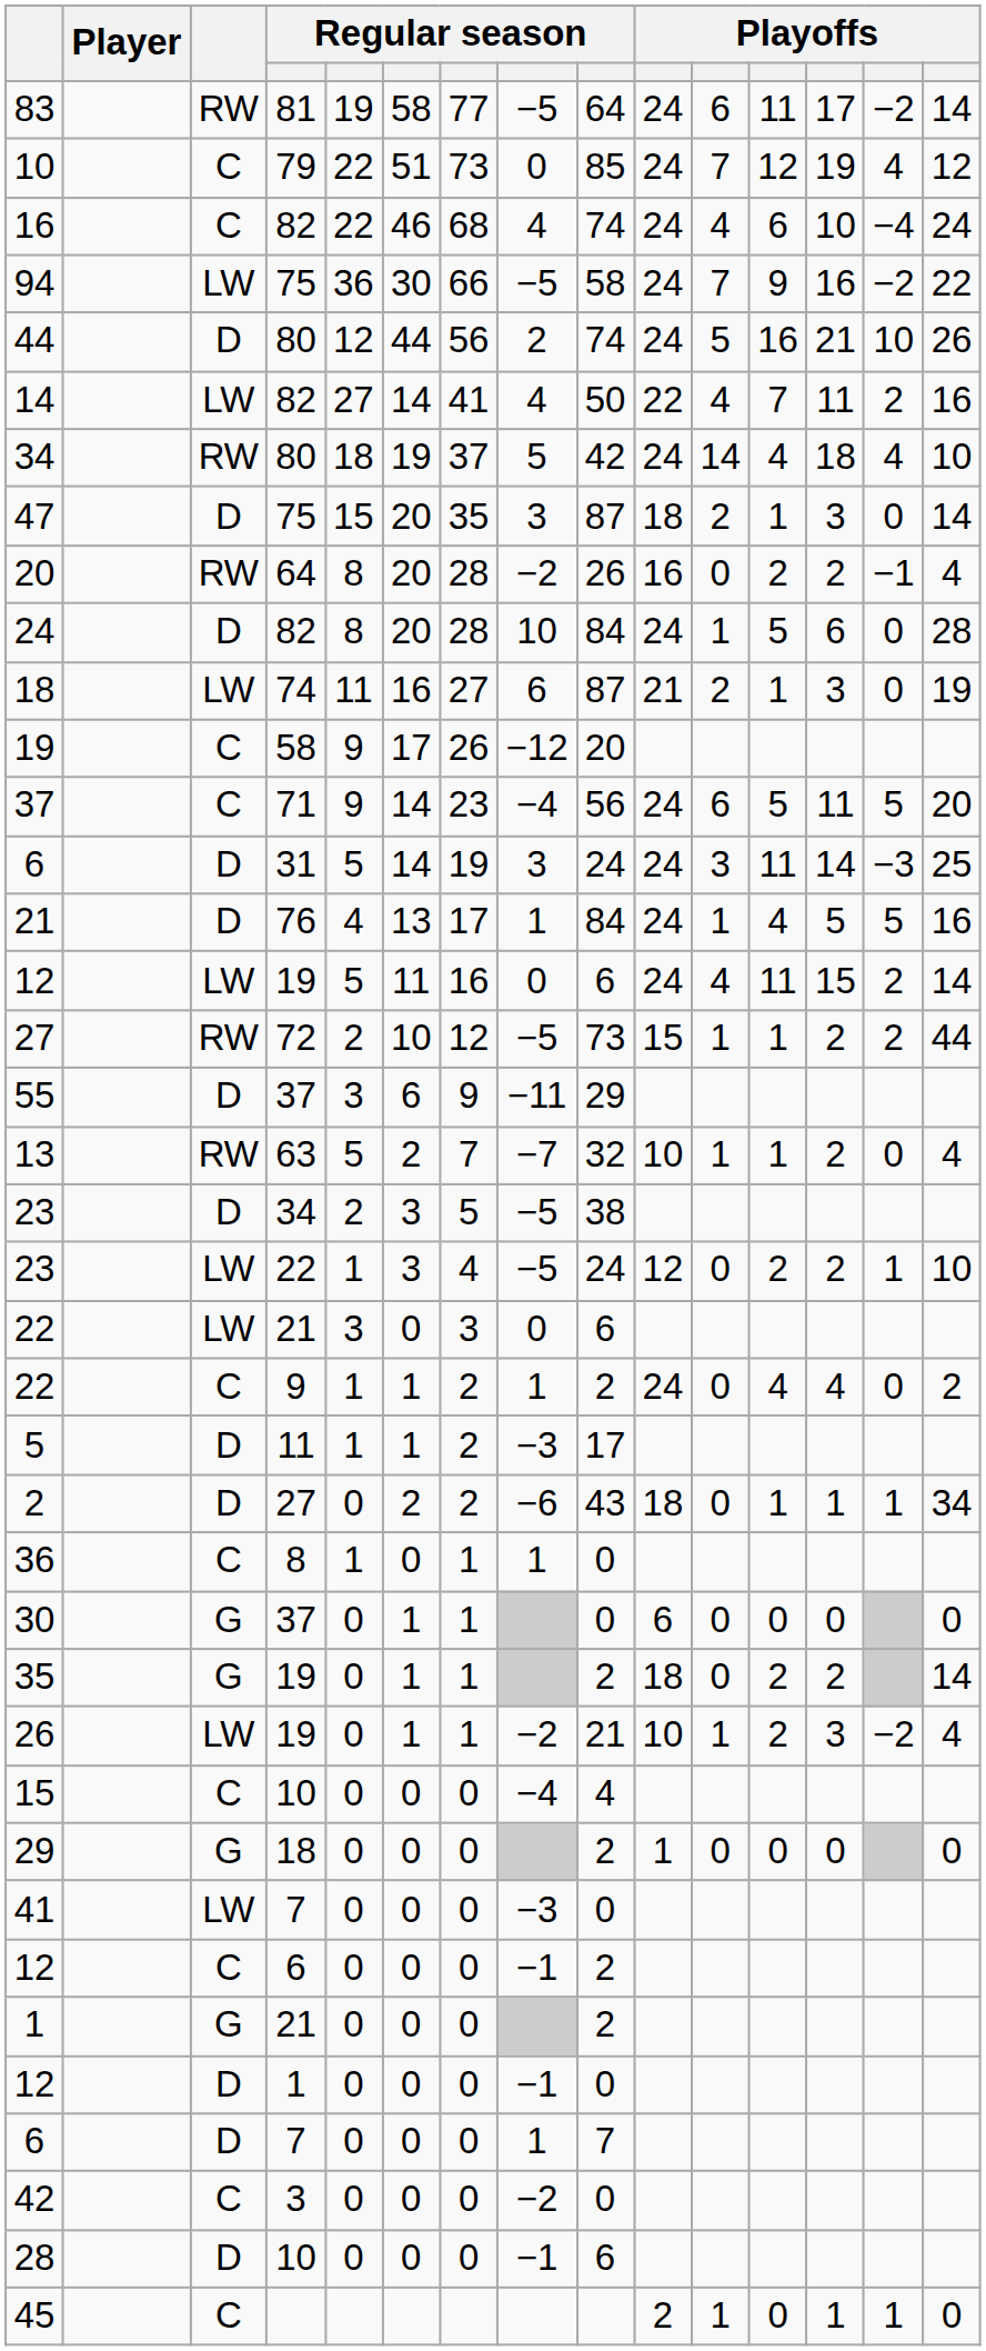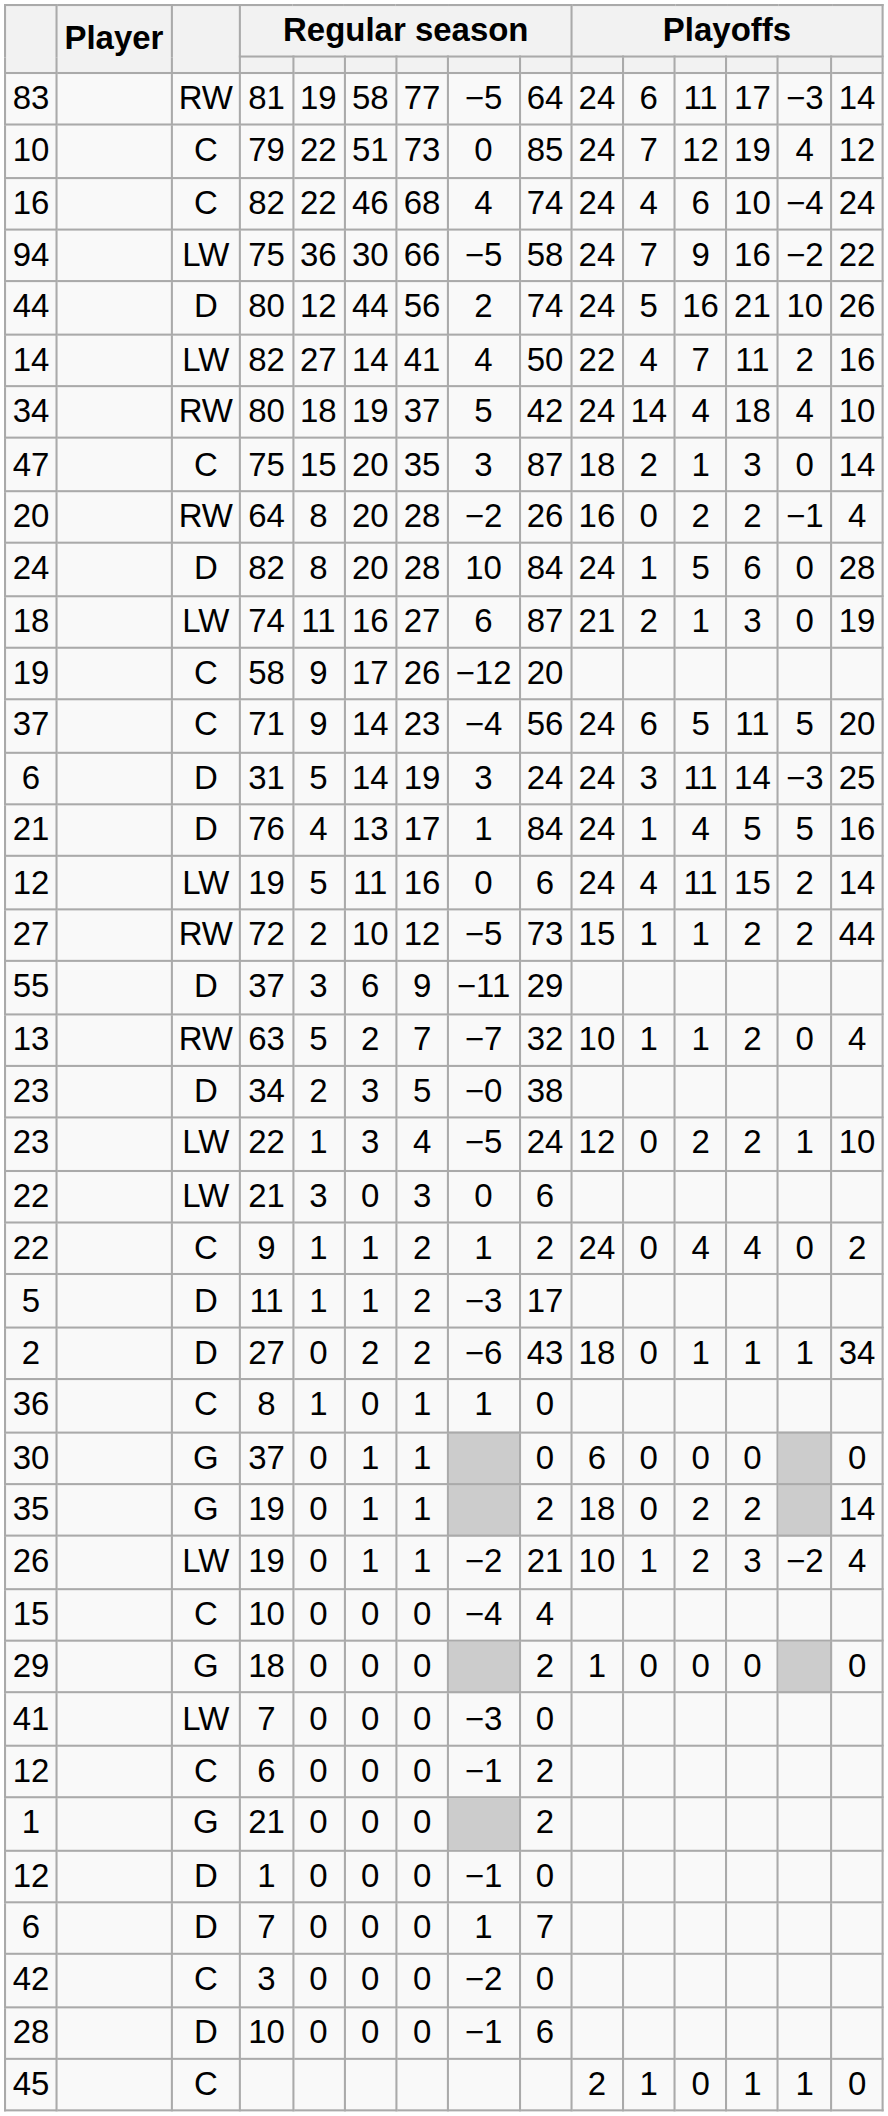 <table class="wikitable sortable plainrowheaders" style="text-align:center;">
 <tr>
 <th scope="col" data-sort-type="number" rowspan="2"></th>
 <th scope="col" rowspan="2">Player</th>
 <th scope="col" rowspan="2"></th>
 <th scope=colgroup colspan=6>Regular season</th>
 <th scope=colgroup colspan=6>Playoffs</th>
 </tr>
 <tr>
 <th scope="col" data-sort-type="number"></th>
 <th scope="col" data-sort-type="number"></th>
 <th scope="col" data-sort-type="number"></th>
 <th scope="col" data-sort-type="number"></th>
 <th scope="col" data-sort-type="number"></th>
 <th scope="col" data-sort-type="number"></th>
 <th scope="col" data-sort-type="number"></th>
 <th scope="col" data-sort-type="number"></th>
 <th scope="col" data-sort-type="number"></th>
 <th scope="col" data-sort-type="number"></th>
 <th scope="col" data-sort-type="number"></th>
 <th scope="col" data-sort-type="number"></th>
 </tr>
 <tr>
 <td scope="row">83</td>
 <td align="left"></td>
 <td>RW</td>
 <td>81</td>
 <td>19</td>
 <td>58</td>
 <td>77</td>
 <td>−5</td>
 <td>64</td>
 <td>24</td>
 <td>6</td>
 <td>11</td>
 <td>17</td>
-<td>−2</td>
+<td>−3</td>
 <td>14</td>
 </tr>
 <tr>
 <td scope="row">10</td>
 <td align="left"></td>
 <td>C</td>
 <td>79</td>
 <td>22</td>
 <td>51</td>
 <td>73</td>
 <td>0</td>
 <td>85</td>
 <td>24</td>
 <td>7</td>
 <td>12</td>
 <td>19</td>
 <td>4</td>
 <td>12</td>
 </tr>
 <tr>
 <td scope="row">16</td>
 <td align="left"></td>
 <td>C</td>
 <td>82</td>
 <td>22</td>
 <td>46</td>
 <td>68</td>
 <td>4</td>
 <td>74</td>
 <td>24</td>
 <td>4</td>
 <td>6</td>
 <td>10</td>
 <td>−4</td>
 <td>24</td>
 </tr>
 <tr>
 <td scope="row">94</td>
 <td align="left"></td>
 <td>LW</td>
 <td>75</td>
 <td>36</td>
 <td>30</td>
 <td>66</td>
 <td>−5</td>
 <td>58</td>
 <td>24</td>
 <td>7</td>
 <td>9</td>
 <td>16</td>
 <td>−2</td>
 <td>22</td>
 </tr>
 <tr>
 <td scope="row">44</td>
 <td align="left"></td>
 <td>D</td>
 <td>80</td>
 <td>12</td>
 <td>44</td>
 <td>56</td>
 <td>2</td>
 <td>74</td>
 <td>24</td>
 <td>5</td>
 <td>16</td>
 <td>21</td>
 <td>10</td>
 <td>26</td>
 </tr>
 <tr>
 <td scope="row">14</td>
 <td align="left"></td>
 <td>LW</td>
 <td>82</td>
 <td>27</td>
 <td>14</td>
 <td>41</td>
 <td>4</td>
 <td>50</td>
 <td>22</td>
 <td>4</td>
 <td>7</td>
 <td>11</td>
 <td>2</td>
 <td>16</td>
 </tr>
 <tr>
 <td scope="row">34</td>
 <td align="left"></td>
 <td>RW</td>
 <td>80</td>
 <td>18</td>
 <td>19</td>
 <td>37</td>
 <td>5</td>
 <td>42</td>
 <td>24</td>
 <td>14</td>
 <td>4</td>
 <td>18</td>
 <td>4</td>
 <td>10</td>
 </tr>
 <tr>
 <td scope="row">47</td>
 <td align="left"></td>
-<td>D</td>
+<td>C</td>
 <td>75</td>
 <td>15</td>
 <td>20</td>
 <td>35</td>
 <td>3</td>
 <td>87</td>
 <td>18</td>
 <td>2</td>
 <td>1</td>
 <td>3</td>
 <td>0</td>
 <td>14</td>
 </tr>
 <tr>
 <td scope="row">20</td>
 <td align="left"></td>
 <td>RW</td>
 <td>64</td>
 <td>8</td>
 <td>20</td>
 <td>28</td>
 <td>−2</td>
 <td>26</td>
 <td>16</td>
 <td>0</td>
 <td>2</td>
 <td>2</td>
 <td>−1</td>
 <td>4</td>
 </tr>
 <tr>
 <td scope="row">24</td>
 <td align="left"></td>
 <td>D</td>
 <td>82</td>
 <td>8</td>
 <td>20</td>
 <td>28</td>
 <td>10</td>
 <td>84</td>
 <td>24</td>
 <td>1</td>
 <td>5</td>
 <td>6</td>
 <td>0</td>
 <td>28</td>
 </tr>
 <tr>
 <td scope="row">18</td>
 <td align="left"></td>
 <td>LW</td>
 <td>74</td>
 <td>11</td>
 <td>16</td>
 <td>27</td>
 <td>6</td>
 <td>87</td>
 <td>21</td>
 <td>2</td>
 <td>1</td>
 <td>3</td>
 <td>0</td>
 <td>19</td>
 </tr>
 <tr>
 <td scope="row">19</td>
 <td align="left"></td>
 <td>C</td>
 <td>58</td>
 <td>9</td>
 <td>17</td>
 <td>26</td>
 <td>−12</td>
 <td>20</td>
 <td></td>
 <td></td>
 <td></td>
 <td></td>
 <td></td>
 <td></td>
 </tr>
 <tr>
 <td scope="row">37</td>
 <td align="left"></td>
 <td>C</td>
 <td>71</td>
 <td>9</td>
 <td>14</td>
 <td>23</td>
 <td>−4</td>
 <td>56</td>
 <td>24</td>
 <td>6</td>
 <td>5</td>
 <td>11</td>
 <td>5</td>
 <td>20</td>
 </tr>
 <tr>
 <td scope="row">6</td>
 <td align="left"></td>
 <td>D</td>
 <td>31</td>
 <td>5</td>
 <td>14</td>
 <td>19</td>
 <td>3</td>
 <td>24</td>
 <td>24</td>
 <td>3</td>
 <td>11</td>
 <td>14</td>
 <td>−3</td>
 <td>25</td>
 </tr>
 <tr>
 <td scope="row">21</td>
 <td align="left"></td>
 <td>D</td>
 <td>76</td>
 <td>4</td>
 <td>13</td>
 <td>17</td>
 <td>1</td>
 <td>84</td>
 <td>24</td>
 <td>1</td>
 <td>4</td>
 <td>5</td>
 <td>5</td>
 <td>16</td>
 </tr>
 <tr>
 <td scope="row">12</td>
 <td align="left"></td>
 <td>LW</td>
 <td>19</td>
 <td>5</td>
 <td>11</td>
 <td>16</td>
 <td>0</td>
 <td>6</td>
 <td>24</td>
 <td>4</td>
 <td>11</td>
 <td>15</td>
 <td>2</td>
 <td>14</td>
 </tr>
 <tr>
 <td scope="row">27</td>
 <td align="left"></td>
 <td>RW</td>
 <td>72</td>
 <td>2</td>
 <td>10</td>
 <td>12</td>
 <td>−5</td>
 <td>73</td>
 <td>15</td>
 <td>1</td>
 <td>1</td>
 <td>2</td>
 <td>2</td>
 <td>44</td>
 </tr>
 <tr>
 <td scope="row">55</td>
 <td align="left"></td>
 <td>D</td>
 <td>37</td>
 <td>3</td>
 <td>6</td>
 <td>9</td>
 <td>−11</td>
 <td>29</td>
 <td></td>
 <td></td>
 <td></td>
 <td></td>
 <td></td>
 <td></td>
 </tr>
 <tr>
 <td scope="row">13</td>
 <td align="left"></td>
 <td>RW</td>
 <td>63</td>
 <td>5</td>
 <td>2</td>
 <td>7</td>
 <td>−7</td>
 <td>32</td>
 <td>10</td>
 <td>1</td>
 <td>1</td>
 <td>2</td>
 <td>0</td>
 <td>4</td>
 </tr>
 <tr>
 <td scope="row">23</td>
 <td align="left"></td>
 <td>D</td>
 <td>34</td>
 <td>2</td>
 <td>3</td>
 <td>5</td>
-<td>−5</td>
+<td>−0</td>
 <td>38</td>
 <td></td>
 <td></td>
 <td></td>
 <td></td>
 <td></td>
 <td></td>
 </tr>
 <tr>
 <td scope="row">23</td>
 <td align="left"></td>
 <td>LW</td>
 <td>22</td>
 <td>1</td>
 <td>3</td>
 <td>4</td>
 <td>−5</td>
 <td>24</td>
 <td>12</td>
 <td>0</td>
 <td>2</td>
 <td>2</td>
 <td>1</td>
 <td>10</td>
 </tr>
 <tr>
 <td scope="row">22</td>
 <td align="left"></td>
 <td>LW</td>
 <td>21</td>
 <td>3</td>
 <td>0</td>
 <td>3</td>
 <td>0</td>
 <td>6</td>
 <td></td>
 <td></td>
 <td></td>
 <td></td>
 <td></td>
 <td></td>
 </tr>
 <tr>
 <td scope="row">22</td>
 <td align="left"></td>
 <td>C</td>
 <td>9</td>
 <td>1</td>
 <td>1</td>
 <td>2</td>
 <td>1</td>
 <td>2</td>
 <td>24</td>
 <td>0</td>
 <td>4</td>
 <td>4</td>
 <td>0</td>
 <td>2</td>
 </tr>
 <tr>
 <td scope="row">5</td>
 <td align="left"></td>
 <td>D</td>
 <td>11</td>
 <td>1</td>
 <td>1</td>
 <td>2</td>
 <td>−3</td>
 <td>17</td>
 <td></td>
 <td></td>
 <td></td>
 <td></td>
 <td></td>
 <td></td>
 </tr>
 <tr>
 <td scope="row">2</td>
 <td align="left"></td>
 <td>D</td>
 <td>27</td>
 <td>0</td>
 <td>2</td>
 <td>2</td>
 <td>−6</td>
 <td>43</td>
 <td>18</td>
 <td>0</td>
 <td>1</td>
 <td>1</td>
 <td>1</td>
 <td>34</td>
 </tr>
 <tr>
 <td scope="row">36</td>
 <td align="left"></td>
 <td>C</td>
 <td>8</td>
 <td>1</td>
 <td>0</td>
 <td>1</td>
 <td>1</td>
 <td>0</td>
 <td></td>
 <td></td>
 <td></td>
 <td></td>
 <td></td>
 <td></td>
 </tr>
 <tr>
 <td scope="row">30</td>
 <td align="left"></td>
 <td>G</td>
 <td>37</td>
 <td>0</td>
 <td>1</td>
 <td>1</td>
 <td style="background:#ccc"></td>
 <td>0</td>
 <td>6</td>
 <td>0</td>
 <td>0</td>
 <td>0</td>
 <td style="background:#ccc"></td>
 <td>0</td>
 </tr>
 <tr>
 <td scope="row">35</td>
 <td align="left"></td>
 <td>G</td>
 <td>19</td>
 <td>0</td>
 <td>1</td>
 <td>1</td>
 <td style="background:#ccc"></td>
 <td>2</td>
 <td>18</td>
 <td>0</td>
 <td>2</td>
 <td>2</td>
 <td style="background:#ccc"></td>
 <td>14</td>
 </tr>
 <tr>
 <td scope="row">26</td>
 <td align="left"></td>
 <td>LW</td>
 <td>19</td>
 <td>0</td>
 <td>1</td>
 <td>1</td>
 <td>−2</td>
 <td>21</td>
 <td>10</td>
 <td>1</td>
 <td>2</td>
 <td>3</td>
 <td>−2</td>
 <td>4</td>
 </tr>
 <tr>
 <td scope="row">15</td>
 <td align="left"></td>
 <td>C</td>
 <td>10</td>
 <td>0</td>
 <td>0</td>
 <td>0</td>
 <td>−4</td>
 <td>4</td>
 <td></td>
 <td></td>
 <td></td>
 <td></td>
 <td></td>
 <td></td>
 </tr>
 <tr>
 <td scope="row">29</td>
 <td align="left"></td>
 <td>G</td>
 <td>18</td>
 <td>0</td>
 <td>0</td>
 <td>0</td>
 <td style="background:#ccc"></td>
 <td>2</td>
 <td>1</td>
 <td>0</td>
 <td>0</td>
 <td>0</td>
 <td style="background:#ccc"></td>
 <td>0</td>
 </tr>
 <tr>
 <td scope="row">41</td>
 <td align="left"></td>
 <td>LW</td>
 <td>7</td>
 <td>0</td>
 <td>0</td>
 <td>0</td>
 <td>−3</td>
 <td>0</td>
 <td></td>
 <td></td>
 <td></td>
 <td></td>
 <td></td>
 <td></td>
 </tr>
 <tr>
 <td scope="row">12</td>
 <td align="left"></td>
 <td>C</td>
 <td>6</td>
 <td>0</td>
 <td>0</td>
 <td>0</td>
 <td>−1</td>
 <td>2</td>
 <td></td>
 <td></td>
 <td></td>
 <td></td>
 <td></td>
 <td></td>
 </tr>
 <tr>
 <td scope="row">1</td>
 <td align="left"></td>
 <td>G</td>
 <td>21</td>
 <td>0</td>
 <td>0</td>
 <td>0</td>
 <td style="background:#ccc"></td>
 <td>2</td>
 <td></td>
 <td></td>
 <td></td>
 <td></td>
 <td></td>
 <td></td>
 </tr>
 <tr>
 <td scope="row">12</td>
 <td align="left"></td>
 <td>D</td>
 <td>1</td>
 <td>0</td>
 <td>0</td>
 <td>0</td>
 <td>−1</td>
 <td>0</td>
 <td></td>
 <td></td>
 <td></td>
 <td></td>
 <td></td>
 <td></td>
 </tr>
 <tr>
 <td scope="row">6</td>
 <td align="left"></td>
 <td>D</td>
 <td>7</td>
 <td>0</td>
 <td>0</td>
 <td>0</td>
 <td>1</td>
 <td>7</td>
 <td></td>
 <td></td>
 <td></td>
 <td></td>
 <td></td>
 <td></td>
 </tr>
 <tr>
 <td scope="row">42</td>
 <td align="left"></td>
 <td>C</td>
 <td>3</td>
 <td>0</td>
 <td>0</td>
 <td>0</td>
 <td>−2</td>
 <td>0</td>
 <td></td>
 <td></td>
 <td></td>
 <td></td>
 <td></td>
 <td></td>
 </tr>
 <tr>
 <td scope="row">28</td>
 <td align="left"></td>
 <td>D</td>
 <td>10</td>
 <td>0</td>
 <td>0</td>
 <td>0</td>
 <td>−1</td>
 <td>6</td>
 <td></td>
 <td></td>
 <td></td>
 <td></td>
 <td></td>
 <td></td>
 </tr>
 <tr>
 <td scope="row">45</td>
 <td align="left"></td>
 <td>C</td>
 <td></td>
 <td></td>
 <td></td>
 <td></td>
 <td></td>
 <td></td>
 <td>2</td>
 <td>1</td>
 <td>0</td>
 <td>1</td>
 <td>1</td>
 <td>0</td>
 </tr>
 </table>
